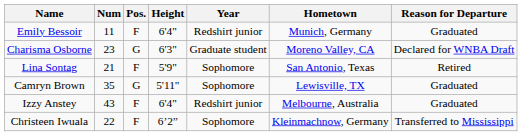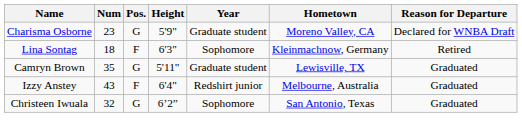 <table class="wikitable sortable" style="text-align: center">
 <tr align=center>
 <th>Name</th>
 <th>Num</th>
 <th>Pos.</th>
 <th>Height</th>
 <th>Year</th>
 <th>Hometown</th>
 <th>Reason for Departure</th>
 </tr>
 <tr>
-<td><a href='#'>Emily Bessoir</a></td>
-<td>11</td>
-<td>F</td>
-<td>6'4"</td>
-<td>Redshirt junior</td>
-<td><a href='#'>Munich</a>, Germany</td>
-<td>Graduated</td>
-</tr>
-<tr>
 <td><a href='#'>Charisma Osborne</a></td>
 <td>23</td>
 <td>G</td>
-<td>6'3"</td>
+<td>5'9"</td>
 <td>Graduate student</td>
 <td><a href='#'>Moreno Valley, CA</a></td>
 <td>Declared for <a href='#'>WNBA Draft</a></td>
 </tr>
 <tr>
 <td><a href='#'>Lina Sontag</a></td>
-<td>21</td>
+<td>18</td>
 <td>F</td>
-<td>5'9"</td>
+<td>6'3"</td>
 <td>Sophomore</td>
-<td><a href='#'>San Antonio</a>, Texas</td>
+<td><a href='#'>Kleinmachnow</a>, Germany</td>
 <td>Retired</td>
 </tr>
 <tr>
 <td>Camryn Brown</td>
 <td>35</td>
 <td>G</td>
 <td>5'11"</td>
-<td>Sophomore</td>
+<td>Graduate student</td>
 <td><a href='#'>Lewisville, TX</a></td>
 <td>Graduated</td>
 </tr>
 <tr>
 <td>Izzy Anstey</td>
 <td>43</td>
 <td>F</td>
 <td>6'4"</td>
 <td>Redshirt junior</td>
 <td><a href='#'>Melbourne</a>, Australia</td>
 <td>Graduated</td>
 </tr>
 <tr>
 <td>Christeen Iwuala</td>
-<td>22</td>
-<td>F</td>
+<td>32</td>
+<td>G</td>
 <td>6’2”</td>
 <td>Sophomore</td>
-<td><a href='#'>Kleinmachnow</a>, Germany</td>
-<td>Transferred to <a href='#'>Mississippi</a></td>
+<td><a href='#'>San Antonio</a>, Texas</td>
+<td>Graduated</td>
 </tr>
 </table>
